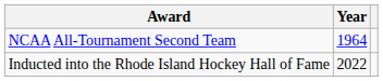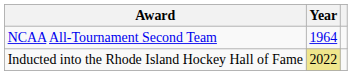 <table class="wikitable">
 <tr>
 <th>Award</th>
 <th>Year</th>
 <th></th>
 </tr>
 <tr>
 <td><a href='#'>NCAA</a> <a href='#'>All-Tournament Second Team</a></td>
 <td><a href='#'>1964</a></td>
 <td></td>
 </tr>
 <tr>
 <td>Inducted into the Rhode Island Hockey Hall of Fame</td>
-<td>2022</td>
+<td style="background: khaki;">2022</td>
 </tr>
 </table>
